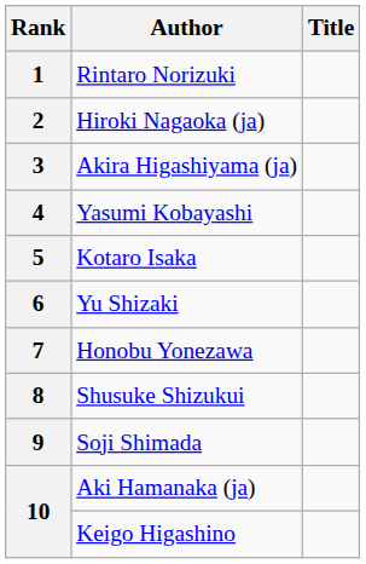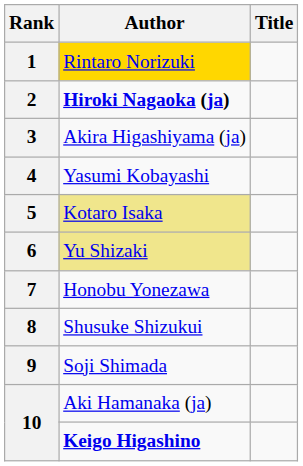 <table class="wikitable sortable" style="font-size:1.00em; line-height:1.5em;">
 <tr>
 <th>Rank</th>
 <th>Author</th>
 <th>Title</th>
 </tr>
 <tr>
 <th>1</th>
-<td><a href='#'>Rintaro Norizuki</a></td>
+<td style="background: gold;"><a href='#'>Rintaro Norizuki</a></td>
 <td></td>
 </tr>
 <tr>
 <th>2</th>
-<td><a href='#'>Hiroki Nagaoka</a> (<a href='#'>ja</a>)</td>
+<td><strong><a href='#'>Hiroki Nagaoka</a> (<a href='#'>ja</a>)</strong></td>
 <td></td>
 </tr>
 <tr>
 <th>3</th>
 <td><a href='#'>Akira Higashiyama</a> (<a href='#'>ja</a>)</td>
 <td></td>
 </tr>
 <tr>
 <th>4</th>
 <td><a href='#'>Yasumi Kobayashi</a></td>
 <td></td>
 </tr>
 <tr>
 <th>5</th>
-<td><a href='#'>Kotaro Isaka</a></td>
+<td style="background: khaki;"><a href='#'>Kotaro Isaka</a></td>
 <td></td>
 </tr>
 <tr>
 <th>6</th>
-<td><a href='#'>Yu Shizaki</a></td>
+<td style="background: khaki;"><a href='#'>Yu Shizaki</a></td>
 <td></td>
 </tr>
 <tr>
 <th>7</th>
 <td><a href='#'>Honobu Yonezawa</a></td>
 <td></td>
 </tr>
 <tr>
 <th>8</th>
 <td><a href='#'>Shusuke Shizukui</a></td>
 <td></td>
 </tr>
 <tr>
 <th>9</th>
 <td><a href='#'>Soji Shimada</a></td>
 <td></td>
 </tr>
 <tr>
 <th rowspan="2">10</th>
 <td><a href='#'>Aki Hamanaka</a> (<a href='#'>ja</a>)</td>
 <td></td>
 </tr>
 <tr>
-<td><a href='#'>Keigo Higashino</a></td>
+<td><strong><a href='#'>Keigo Higashino</a></strong></td>
 <td></td>
 </tr>
 </table>
